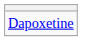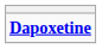 <table class="wikitable" style="font-size:smaller; text-align:center">
 <tr>
 <th colspan="1"></th>
 </tr>
 <tr>
-<td> <a href='#'>Dapoxetine</a></td>
+<td><strong> <a href='#'>Dapoxetine</a></strong></td>
 </tr>
 <tr>
 </tr>
 </table>
